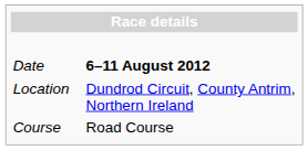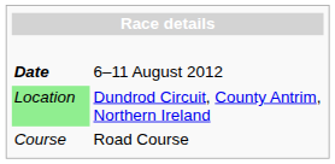 <table class="infobox" align="right" cellpadding="2" style="float:right; width: 20em;">
 <tr>
 </tr>
 <tr>
 <th colspan="3" style="background:lightgrey; color:#ffffff;">Race details</th>
 </tr>
 <tr>
 <td colspan="3" style="text-align:center;"><br></td>
 </tr>
 <tr>
-<td style="width: 25%;"><em>Date</em></td>
-<td><strong>6–11 August 2012</strong></td>
+<td style="width: 25%;"><strong><em>Date</em></strong></td>
+<td>6–11 August 2012</td>
 </tr>
 <tr>
-<td><em>Location</em></td>
+<td style="background: lightgreen;"><em>Location</em></td>
 <td colspan=3><a href='#'>Dundrod Circuit</a>, <a href='#'>County Antrim</a>, <a href='#'>Northern Ireland</a></td>
 </tr>
 <tr>
 <td><em>Course</em></td>
 <td colspan=3>Road Course <br> </td>
 </tr>
 <tr>
 </tr>
 </table>
